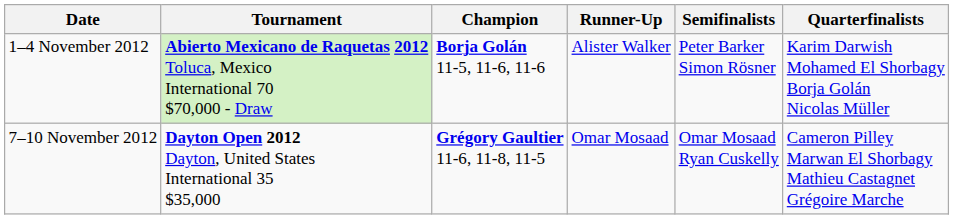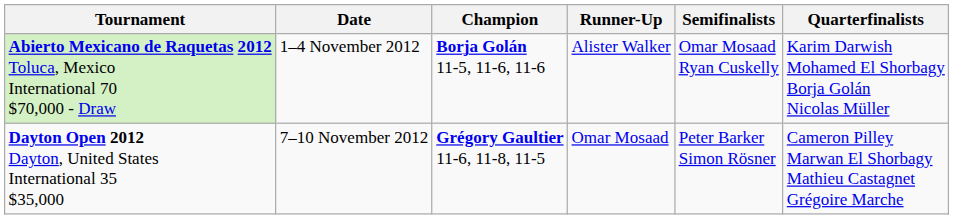 <table class="wikitable" style="font-size:88%">
 <tr>
+<th>Tournament</th>
 <th>Date</th>
-<th>Tournament</th>
 <th>Champion</th>
 <th>Runner-Up</th>
 <th>Semifinalists</th>
 <th>Quarterfinalists</th>
 </tr>
 <tr valign=top>
+<td style="background:#D4F1C5;"><strong><a href='#'>Abierto Mexicano de Raquetas</a> <a href='#'>2012</a></strong><br> <a href='#'>Toluca</a>, Mexico<br>International 70<br>$70,000 - <a href='#'>Draw</a></td>
 <td>1–4 November 2012</td>
-<td style="background:#D4F1C5;"><strong><a href='#'>Abierto Mexicano de Raquetas</a> <a href='#'>2012</a></strong><br> <a href='#'>Toluca</a>, Mexico<br>International 70<br>$70,000 - <a href='#'>Draw</a></td>
 <td> <strong><a href='#'>Borja Golán</a></strong><br>11-5, 11-6, 11-6</td>
 <td> <a href='#'>Alister Walker</a></td>
-<td> <a href='#'>Peter Barker</a><br> <a href='#'>Simon Rösner</a></td>
+<td> <a href='#'>Omar Mosaad</a><br>  <a href='#'>Ryan Cuskelly</a></td>
 <td> <a href='#'>Karim Darwish</a><br> <a href='#'>Mohamed El Shorbagy</a><br> <a href='#'>Borja Golán</a><br> <a href='#'>Nicolas Müller</a></td>
 </tr>
 <tr valign=top>
+<td><strong><a href='#'>Dayton Open</a> 2012</strong><br> <a href='#'>Dayton</a>, United States<br>International 35<br>$35,000</td>
 <td>7–10 November 2012</td>
-<td><strong><a href='#'>Dayton Open</a> 2012</strong><br> <a href='#'>Dayton</a>, United States<br>International 35<br>$35,000</td>
 <td> <strong><a href='#'>Grégory Gaultier</a></strong><br>11-6, 11-8, 11-5</td>
 <td> <a href='#'>Omar Mosaad</a></td>
-<td> <a href='#'>Omar Mosaad</a><br>  <a href='#'>Ryan Cuskelly</a></td>
+<td> <a href='#'>Peter Barker</a><br> <a href='#'>Simon Rösner</a></td>
 <td> <a href='#'>Cameron Pilley</a><br> <a href='#'>Marwan El Shorbagy</a><br> <a href='#'>Mathieu Castagnet</a><br> <a href='#'>Grégoire Marche</a></td>
 </tr>
 </table>
